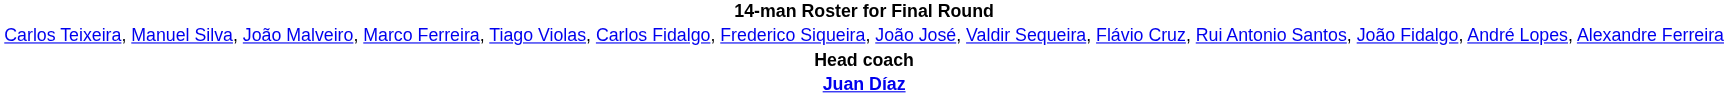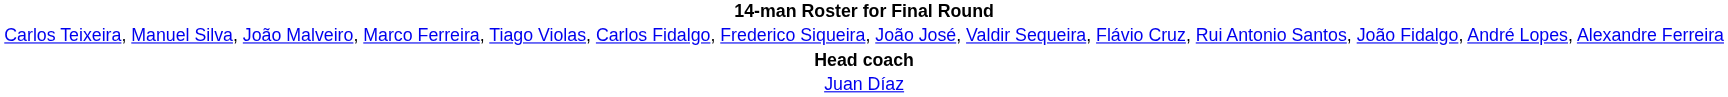 <table style="text-align: center; margin-top: 2em; margin-left: auto; margin-right: auto">
 <tr>
 <td><strong>14-man Roster for Final Round</strong></td>
 </tr>
 <tr>
 <td><a href='#'>Carlos Teixeira</a>, <a href='#'>Manuel Silva</a>, <a href='#'>João Malveiro</a>, <a href='#'>Marco Ferreira</a>, <a href='#'>Tiago Violas</a>, <a href='#'>Carlos Fidalgo</a>, <a href='#'>Frederico Siqueira</a>, <a href='#'>João José</a>, <a href='#'>Valdir Sequeira</a>, <a href='#'>Flávio Cruz</a>, <a href='#'>Rui Antonio Santos</a>, <a href='#'>João Fidalgo</a>, <a href='#'>André Lopes</a>, <a href='#'>Alexandre Ferreira</a></td>
 </tr>
 <tr>
 <td><strong>Head coach</strong></td>
 </tr>
 <tr>
-<td><strong><a href='#'>Juan Díaz</a></strong></td>
+<td><a href='#'>Juan Díaz</a></td>
 </tr>
 </table>
